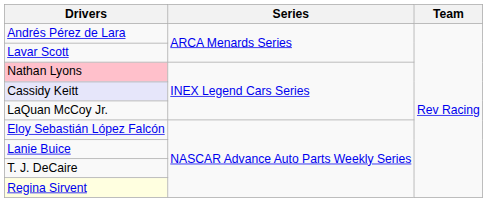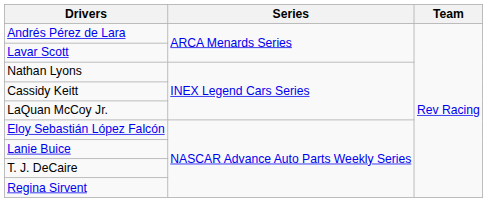 <table class="wikitable">
 <tr>
 <th>Drivers</th>
 <th>Series</th>
 <th>Team</th>
 </tr>
 <tr>
 <td><a href='#'>Andrés Pérez de Lara</a></td>
 <td rowspan="2"><a href='#'>ARCA Menards Series</a></td>
 <td rowspan="9"><a href='#'>Rev Racing</a></td>
 </tr>
 <tr>
 <td><a href='#'>Lavar Scott</a></td>
 </tr>
 <tr>
-<td style="background: pink;">Nathan Lyons</td>
+<td>Nathan Lyons</td>
 <td rowspan="3"><a href='#'>INEX Legend Cars Series</a></td>
 </tr>
 <tr>
-<td style="background: lavender;">Cassidy Keitt</td>
+<td>Cassidy Keitt</td>
 </tr>
 <tr>
 <td>LaQuan McCoy Jr.</td>
 </tr>
 <tr>
 <td><a href='#'>Eloy Sebastián López Falcón</a></td>
 <td rowspan="4"><a href='#'>NASCAR Advance Auto Parts Weekly Series</a></td>
 </tr>
 <tr>
 <td><a href='#'>Lanie Buice</a></td>
 </tr>
 <tr>
 <td>T. J. DeCaire</td>
 </tr>
 <tr>
-<td style="background: lightyellow;"><a href='#'>Regina Sirvent</a></td>
+<td><a href='#'>Regina Sirvent</a></td>
 </tr>
 </table>
